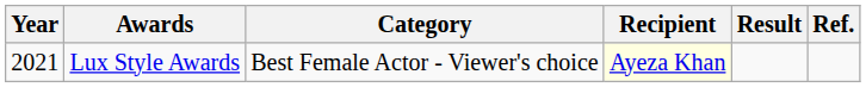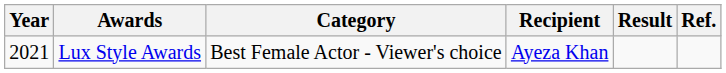 <table class="sortable wikitable">
 <tr>
 <th>Year</th>
 <th>Awards</th>
 <th>Category</th>
 <th>Recipient</th>
 <th>Result</th>
 <th>Ref.</th>
 </tr>
 <tr>
 <td rowspan="9">2021</td>
 <td rowspan="9"><a href='#'>Lux Style Awards</a></td>
 <td>Best Female Actor - Viewer's choice</td>
-<td style="background: lightyellow;"><a href='#'>Ayeza Khan</a></td>
+<td><a href='#'>Ayeza Khan</a></td>
 <td></td>
 <td rowspan="9"></td>
 </tr>
 </table>
